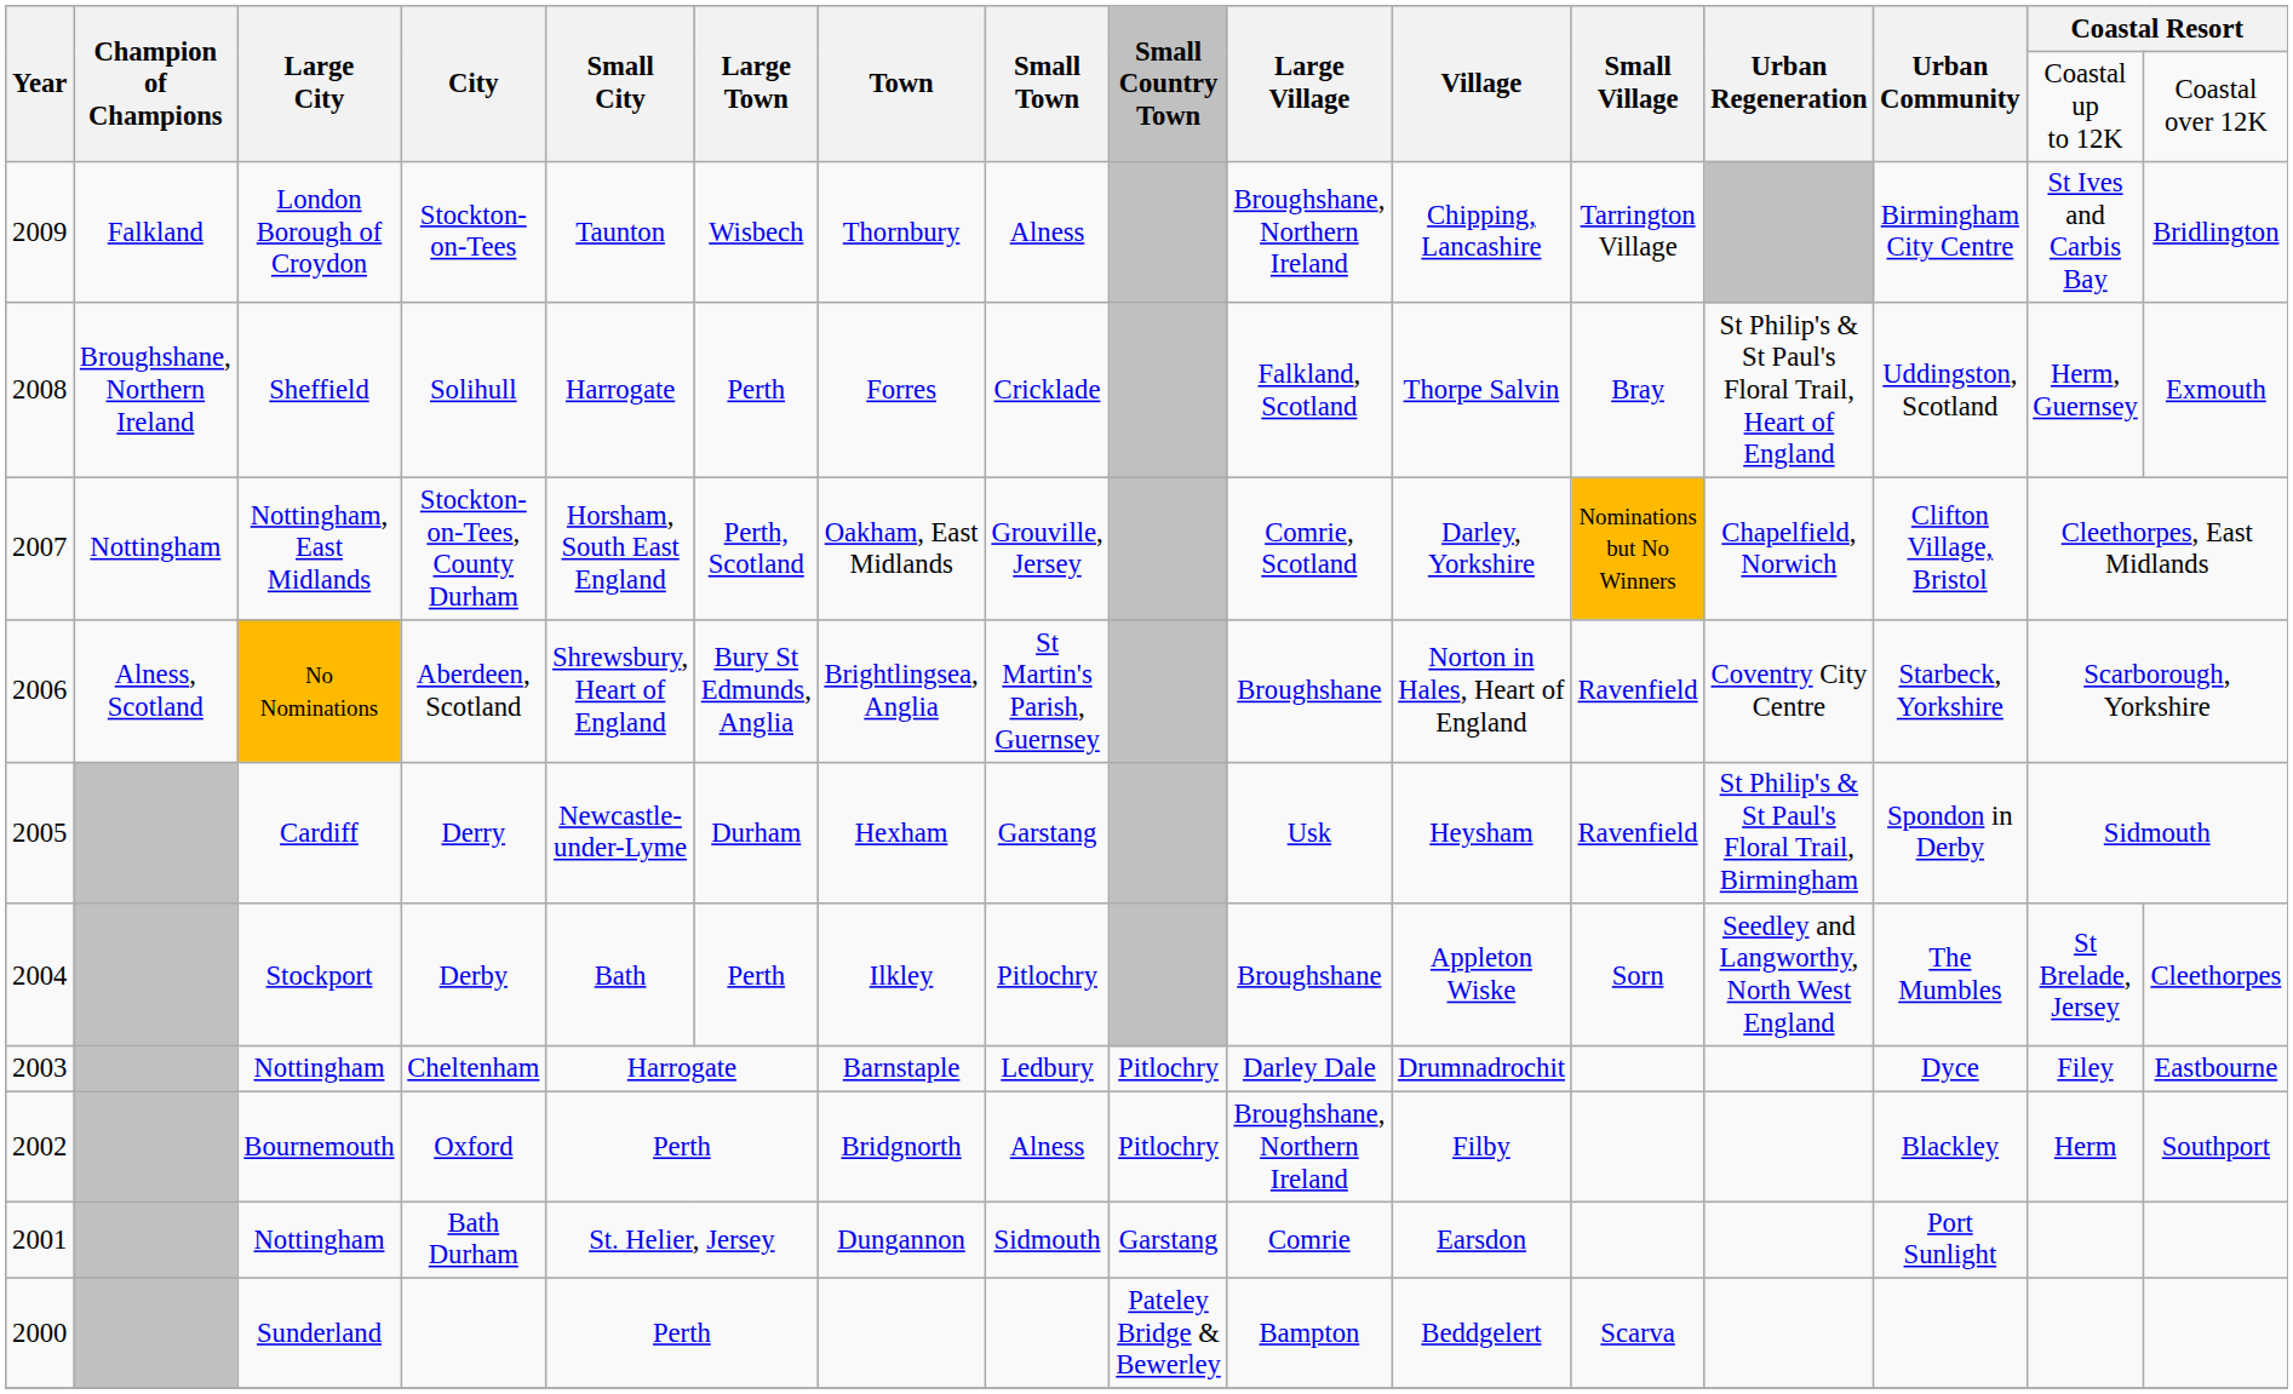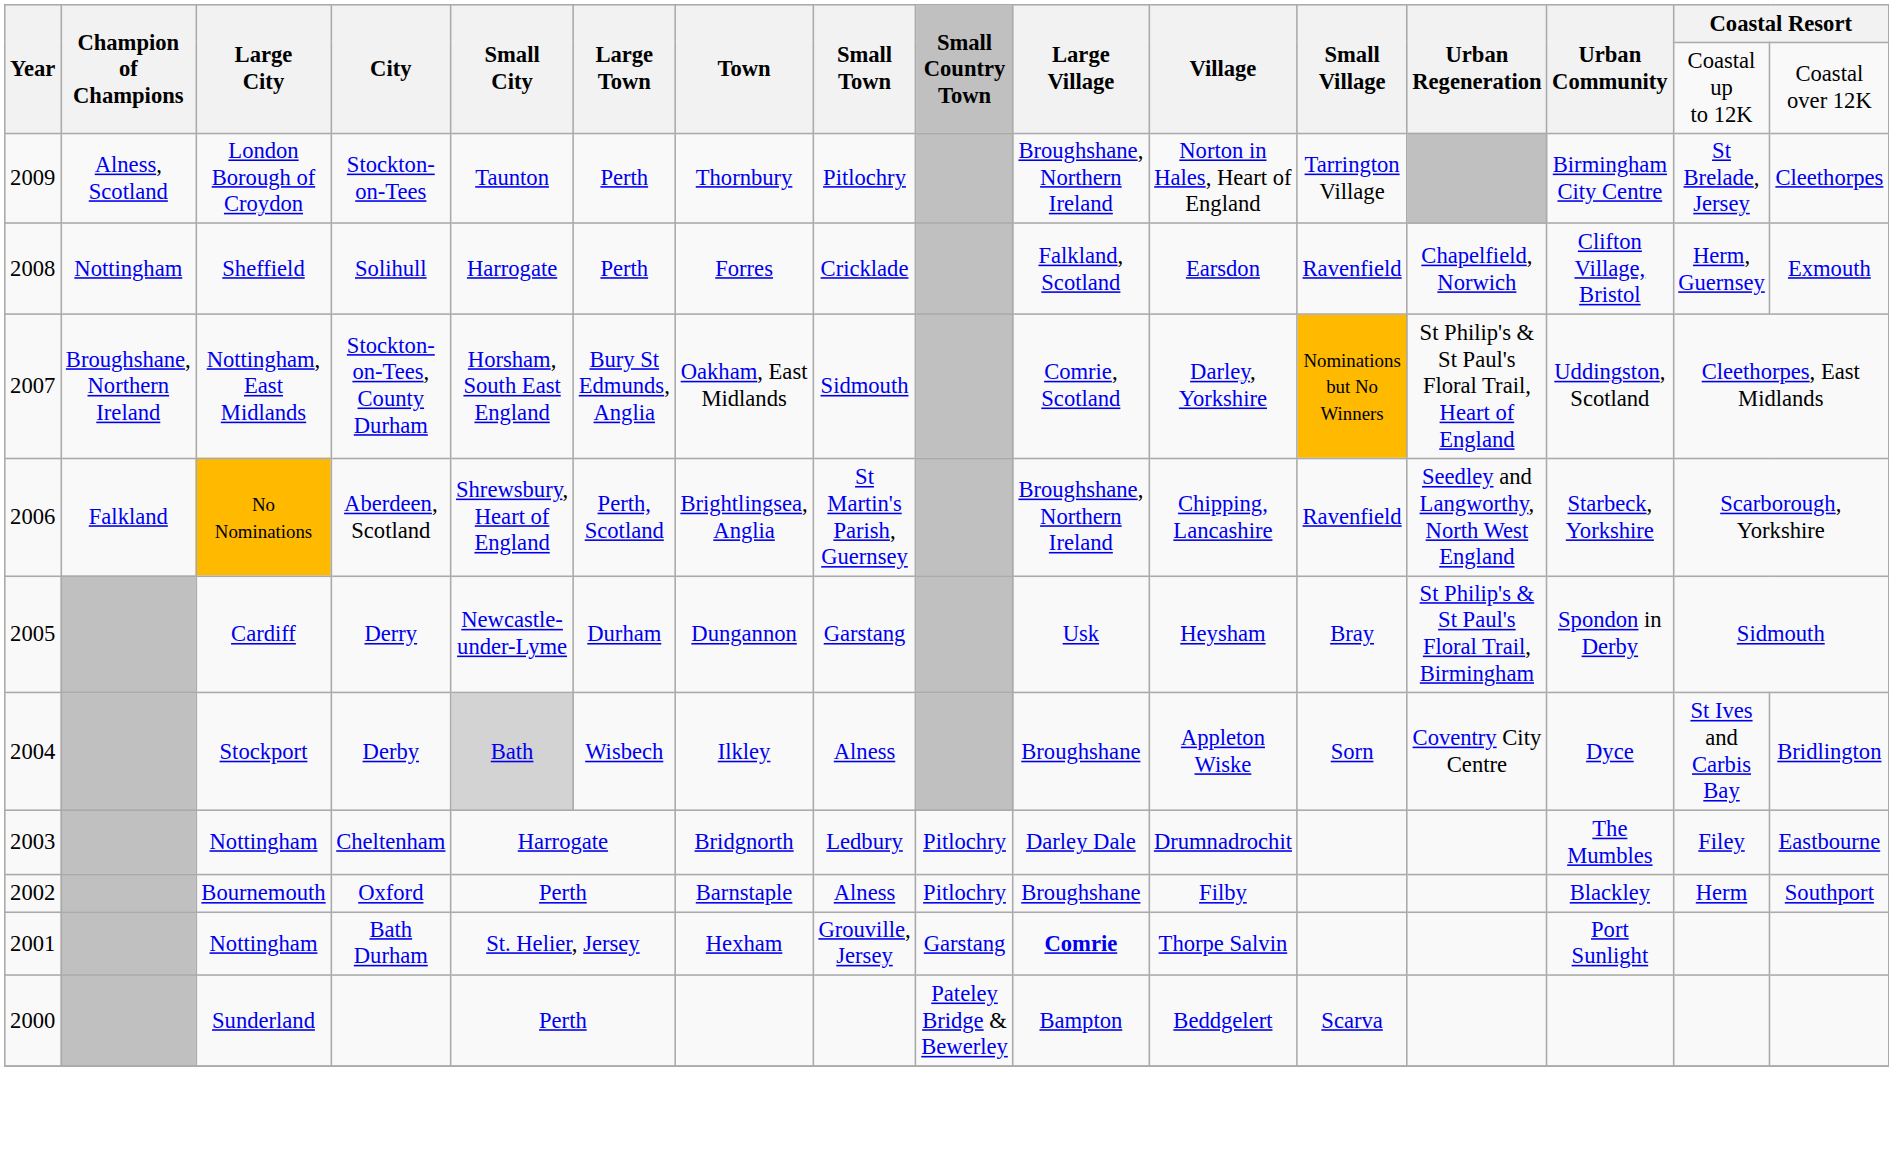 <table class="wikitable" style="text-align:center; font-size:90%">
 <tr>
 <th rowspan=2 style="width:6.25%;">Year</th>
 <th rowspan=2 style="width:6.25%;">Champion of Champions</th>
 <th rowspan=2 style="width:6.25%;">Large<br>City</th>
 <th rowspan=2 style="width:6.25%;">City</th>
 <th rowspan=2 style="width:6.25%;">Small<br>City</th>
 <th rowspan=2 style="width:6.25%;">Large<br>Town</th>
 <th rowspan=2 style="width:6.25%;">Town</th>
 <th rowspan=2 style="width:6.25%;">Small<br>Town</th>
 <th rowspan=2 style="background: #C0C0C0; width:6.25%;">Small Country Town</th>
 <th rowspan=2 style="width:6.25%;">Large<br>Village</th>
 <th rowspan=2 style="width:6.25%;">Village</th>
 <th rowspan=2 style="width:6.25%;">Small<br>Village</th>
 <th rowspan=2 style="width:6.25%;">Urban<br>Regeneration</th>
 <th rowspan=2 style="width:6.25%;">Urban<br>Community</th>
 <th colspan="2" style="width:12.5%;">Coastal Resort</th>
 </tr>
 <tr>
 <td>Coastal up to 12K</td>
 <td>Coastal over 12K</td>
 </tr>
 <tr>
 <td>2009</td>
-<td><a href='#'>Falkland</a></td>
+<td><a href='#'>Alness</a>, <a href='#'>Scotland</a></td>
 <td><a href='#'>London Borough of Croydon</a></td>
 <td><a href='#'>Stockton-on-Tees</a></td>
 <td><a href='#'>Taunton</a></td>
-<td><a href='#'>Wisbech</a></td>
+<td><a href='#'>Perth</a></td>
 <td><a href='#'>Thornbury</a></td>
-<td><a href='#'>Alness</a></td>
+<td><a href='#'>Pitlochry</a></td>
 <td style="background: #C0C0C0;"></td>
 <td><a href='#'>Broughshane</a>, <a href='#'>Northern Ireland</a></td>
-<td><a href='#'>Chipping, Lancashire</a></td>
+<td><a href='#'>Norton in Hales</a>, Heart of England</td>
 <td><a href='#'>Tarrington</a> Village</td>
 <td style="background: #C0C0C0;"></td>
 <td><a href='#'>Birmingham City Centre</a></td>
-<td><a href='#'>St Ives</a> and <a href='#'>Carbis Bay</a></td>
-<td><a href='#'>Bridlington</a></td>
+<td><a href='#'>St Brelade</a>, <a href='#'>Jersey</a></td>
+<td><a href='#'>Cleethorpes</a></td>
 </tr>
 <tr>
 <td>2008</td>
-<td><a href='#'>Broughshane</a>, <a href='#'>Northern Ireland</a></td>
+<td><a href='#'>Nottingham</a></td>
 <td><a href='#'>Sheffield</a></td>
 <td><a href='#'>Solihull</a></td>
 <td><a href='#'>Harrogate</a></td>
 <td><a href='#'>Perth</a></td>
 <td><a href='#'>Forres</a></td>
 <td><a href='#'>Cricklade</a></td>
 <td style="background: #C0C0C0;"></td>
 <td><a href='#'>Falkland</a>, <a href='#'>Scotland</a></td>
-<td><a href='#'>Thorpe Salvin</a></td>
-<td><a href='#'>Bray</a></td>
-<td>St Philip's & St Paul's Floral Trail, <a href='#'>Heart of England</a></td>
-<td><a href='#'>Uddingston</a>, Scotland</td>
+<td><a href='#'>Earsdon</a></td>
+<td><a href='#'>Ravenfield</a></td>
+<td><a href='#'>Chapelfield</a>, <a href='#'>Norwich</a></td>
+<td><a href='#'>Clifton Village, Bristol</a></td>
 <td><a href='#'>Herm</a>, <a href='#'>Guernsey</a></td>
 <td><a href='#'>Exmouth</a></td>
 </tr>
 <tr>
 <td>2007</td>
-<td><a href='#'>Nottingham</a></td>
+<td><a href='#'>Broughshane</a>, <a href='#'>Northern Ireland</a></td>
 <td><a href='#'>Nottingham</a>, <a href='#'>East Midlands</a></td>
 <td><a href='#'>Stockton-on-Tees</a>, <a href='#'>County Durham</a></td>
 <td><a href='#'>Horsham</a>, <a href='#'>South East England</a></td>
-<td><a href='#'>Perth, Scotland</a></td>
+<td><a href='#'>Bury St Edmunds</a>, <a href='#'>Anglia</a></td>
 <td><a href='#'>Oakham</a>, East Midlands</td>
-<td><a href='#'>Grouville</a>, <a href='#'>Jersey</a></td>
+<td><a href='#'>Sidmouth</a></td>
 <td style="background: #C0C0C0;"></td>
 <td><a href='#'>Comrie</a>, <a href='#'>Scotland</a></td>
 <td><a href='#'>Darley</a>, <a href='#'>Yorkshire</a></td>
 <td style="background: #FFBA00;"><small>Nominations but No Winners</small></td>
-<td><a href='#'>Chapelfield</a>, <a href='#'>Norwich</a></td>
-<td><a href='#'>Clifton Village, Bristol</a></td>
+<td>St Philip's & St Paul's Floral Trail, <a href='#'>Heart of England</a></td>
+<td><a href='#'>Uddingston</a>, Scotland</td>
 <td colspan="2"><a href='#'>Cleethorpes</a>, East Midlands</td>
 </tr>
 <tr>
 <td>2006</td>
-<td><a href='#'>Alness</a>, <a href='#'>Scotland</a></td>
+<td><a href='#'>Falkland</a></td>
 <td style="background: #FFBA00;"><small>No Nominations</small></td>
 <td><a href='#'>Aberdeen</a>, Scotland</td>
 <td><a href='#'>Shrewsbury</a>, <a href='#'>Heart of England</a></td>
-<td><a href='#'>Bury St Edmunds</a>, <a href='#'>Anglia</a></td>
+<td><a href='#'>Perth, Scotland</a></td>
 <td><a href='#'>Brightlingsea</a>, <a href='#'>Anglia</a></td>
 <td><a href='#'>St Martin's Parish</a>, <a href='#'>Guernsey</a></td>
 <td style="background: #C0C0C0;"></td>
-<td><a href='#'>Broughshane</a></td>
-<td><a href='#'>Norton in Hales</a>, Heart of England</td>
+<td><a href='#'>Broughshane</a>, <a href='#'>Northern Ireland</a></td>
+<td><a href='#'>Chipping, Lancashire</a></td>
 <td><a href='#'>Ravenfield</a></td>
-<td><a href='#'>Coventry</a> City Centre</td>
+<td><a href='#'>Seedley</a> and <a href='#'>Langworthy</a>, <a href='#'>North West England</a></td>
 <td><a href='#'>Starbeck</a>, <a href='#'>Yorkshire</a></td>
 <td colspan="2"><a href='#'>Scarborough</a>, Yorkshire</td>
 </tr>
 <tr>
 <td>2005</td>
 <td style="background: #C0C0C0;"></td>
 <td><a href='#'>Cardiff</a></td>
 <td><a href='#'>Derry</a></td>
 <td><a href='#'>Newcastle-under-Lyme</a></td>
 <td><a href='#'>Durham</a></td>
-<td><a href='#'>Hexham</a></td>
+<td><a href='#'>Dungannon</a></td>
 <td><a href='#'>Garstang</a></td>
 <td style="background: #C0C0C0;"></td>
 <td><a href='#'>Usk</a></td>
 <td><a href='#'>Heysham</a></td>
-<td><a href='#'>Ravenfield</a></td>
+<td><a href='#'>Bray</a></td>
 <td><a href='#'>St Philip's & St Paul's Floral Trail</a>, <a href='#'>Birmingham</a></td>
 <td><a href='#'>Spondon</a> in <a href='#'>Derby</a></td>
 <td colspan="2"><a href='#'>Sidmouth</a></td>
 </tr>
 <tr>
 <td>2004</td>
 <td style="background: #C0C0C0;"></td>
 <td><a href='#'>Stockport</a></td>
 <td><a href='#'>Derby</a></td>
-<td><a href='#'>Bath</a></td>
-<td><a href='#'>Perth</a></td>
+<td style="background: lightgrey;"><a href='#'>Bath</a></td>
+<td><a href='#'>Wisbech</a></td>
 <td><a href='#'>Ilkley</a></td>
-<td><a href='#'>Pitlochry</a></td>
+<td><a href='#'>Alness</a></td>
 <td style="background: #C0C0C0;"></td>
 <td><a href='#'>Broughshane</a></td>
 <td><a href='#'>Appleton Wiske</a></td>
 <td><a href='#'>Sorn</a></td>
-<td><a href='#'>Seedley</a> and <a href='#'>Langworthy</a>, <a href='#'>North West England</a></td>
-<td><a href='#'>The Mumbles</a></td>
-<td><a href='#'>St Brelade</a>, <a href='#'>Jersey</a></td>
-<td><a href='#'>Cleethorpes</a></td>
+<td><a href='#'>Coventry</a> City Centre</td>
+<td><a href='#'>Dyce</a></td>
+<td><a href='#'>St Ives</a> and <a href='#'>Carbis Bay</a></td>
+<td><a href='#'>Bridlington</a></td>
 </tr>
 <tr>
 <td>2003</td>
 <td style="background: #C0C0C0;"></td>
 <td><a href='#'>Nottingham</a></td>
 <td><a href='#'>Cheltenham</a></td>
 <td colspan="2"><a href='#'>Harrogate</a></td>
-<td><a href='#'>Barnstaple</a></td>
+<td><a href='#'>Bridgnorth</a></td>
 <td><a href='#'>Ledbury</a></td>
 <td><a href='#'>Pitlochry</a></td>
 <td><a href='#'>Darley Dale</a></td>
 <td><a href='#'>Drumnadrochit</a></td>
 <td></td>
 <td></td>
-<td><a href='#'>Dyce</a></td>
+<td><a href='#'>The Mumbles</a></td>
 <td><a href='#'>Filey</a></td>
 <td><a href='#'>Eastbourne</a></td>
 </tr>
 <tr>
 <td>2002</td>
 <td style="background: #C0C0C0;"></td>
 <td><a href='#'>Bournemouth</a></td>
 <td><a href='#'>Oxford</a></td>
 <td colspan="2"><a href='#'>Perth</a></td>
-<td><a href='#'>Bridgnorth</a></td>
+<td><a href='#'>Barnstaple</a></td>
 <td><a href='#'>Alness</a></td>
 <td><a href='#'>Pitlochry</a></td>
-<td><a href='#'>Broughshane</a>, <a href='#'>Northern Ireland</a></td>
+<td><a href='#'>Broughshane</a></td>
 <td><a href='#'>Filby</a></td>
 <td></td>
 <td></td>
 <td><a href='#'>Blackley</a></td>
 <td><a href='#'>Herm</a></td>
 <td><a href='#'>Southport</a></td>
 </tr>
 <tr>
 <td>2001</td>
 <td style="background: #C0C0C0;"></td>
 <td><a href='#'>Nottingham</a></td>
 <td><a href='#'>Bath</a><br><a href='#'>Durham</a></td>
 <td colspan="2"><a href='#'>St. Helier</a>, <a href='#'>Jersey</a></td>
-<td><a href='#'>Dungannon</a></td>
-<td><a href='#'>Sidmouth</a></td>
+<td><a href='#'>Hexham</a></td>
+<td><a href='#'>Grouville</a>, <a href='#'>Jersey</a></td>
 <td><a href='#'>Garstang</a></td>
-<td><a href='#'>Comrie</a></td>
-<td><a href='#'>Earsdon</a></td>
+<td><strong><a href='#'>Comrie</a></strong></td>
+<td><a href='#'>Thorpe Salvin</a></td>
 <td></td>
 <td></td>
 <td><a href='#'>Port Sunlight</a></td>
 <td></td>
 <td></td>
 </tr>
 <tr>
 <td>2000</td>
 <td style="background: #C0C0C0;"></td>
 <td><a href='#'>Sunderland</a></td>
 <td></td>
 <td colspan="2"><a href='#'>Perth</a></td>
 <td></td>
 <td></td>
 <td><a href='#'>Pateley Bridge</a> & <a href='#'>Bewerley</a></td>
 <td><a href='#'>Bampton</a></td>
 <td><a href='#'>Beddgelert</a></td>
 <td><a href='#'>Scarva</a></td>
 <td></td>
 <td></td>
 <td></td>
 <td></td>
 </tr>
 <tr>
 </tr>
 </table>
